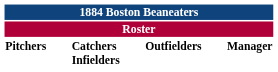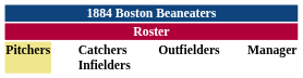 <table class="toccolours" style="font-size: 95%;">
 <tr>
 <th colspan="10" style="background-color: #0f437c; color: white; text-align: center;">1884 Boston Beaneaters</th>
 </tr>
 <tr>
 <td colspan="10" style="background-color: #af0039; color: white; text-align: center;"><strong>Roster</strong></td>
 </tr>
 <tr>
-<td valign="top"><strong>Pitchers</strong><br>   </td>
+<td valign="top" style="background: khaki;"><strong>Pitchers</strong><br>   </td>
 <td width="25px"></td>
 <td valign="top"><strong>Catchers</strong><br>    <strong>Infielders</strong>    </td>
 <td width="25px"></td>
 <td valign="top"><strong>Outfielders</strong><br>    </td>
 <td width="25px"></td>
 <td valign="top"><strong>Manager</strong><br></td>
 </tr>
 </table>
